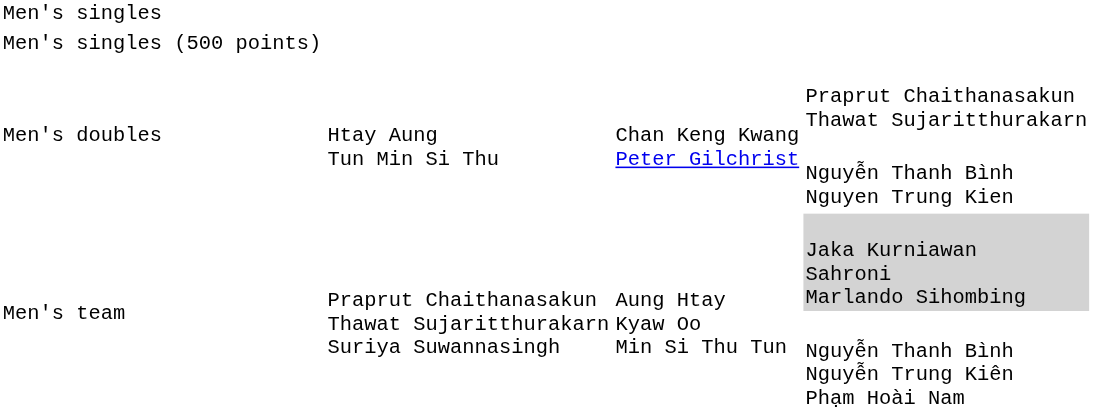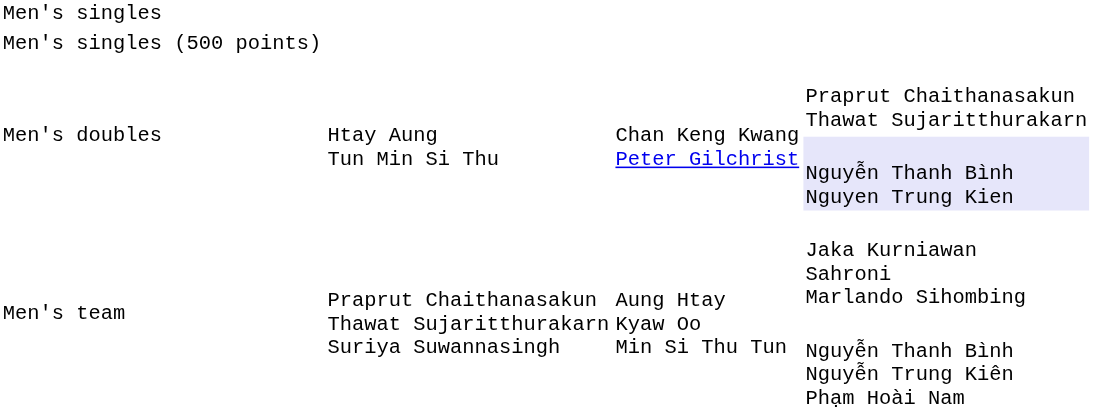 <table>
 <tr>
 <td rowspan=2>Men's singles</td>
 <td rowspan=2></td>
 <td rowspan=2></td>
 <td></td>
 </tr>
 <tr>
 <td></td>
 </tr>
 <tr>
 <td rowspan=2>Men's singles (500 points)</td>
 <td rowspan=2></td>
 <td rowspan=2 nowrap></td>
 <td></td>
 </tr>
 <tr>
 <td></td>
 </tr>
 <tr>
 <td rowspan=2>Men's doubles</td>
 <td rowspan=2><br>Htay Aung<br>Tun Min Si Thu</td>
 <td rowspan=2><br>Chan Keng Kwang<br><a href='#'>Peter Gilchrist</a></td>
 <td nowrap><br>Praprut Chaithanasakun<br>Thawat Sujaritthurakarn</td>
 </tr>
 <tr>
-<td><br>Nguyễn Thanh Bình<br>Nguyen Trung Kien</td>
+<td style="background: lavender;"><br>Nguyễn Thanh Bình<br>Nguyen Trung Kien</td>
 </tr>
 <tr>
 <td rowspan=2>Men's team</td>
 <td rowspan=2 nowrap><br>Praprut Chaithanasakun<br>Thawat Sujaritthurakarn<br>Suriya Suwannasingh</td>
 <td rowspan=2><br>Aung Htay<br>Kyaw Oo<br>Min Si Thu Tun</td>
-<td style="background: lightgrey;"><br>Jaka Kurniawan<br>Sahroni<br>Marlando Sihombing</td>
+<td><br>Jaka Kurniawan<br>Sahroni<br>Marlando Sihombing</td>
 </tr>
 <tr>
 <td><br>Nguyễn Thanh Bình<br>Nguyễn Trung Kiên<br>Phạm Hoài Nam</td>
 </tr>
 </table>
